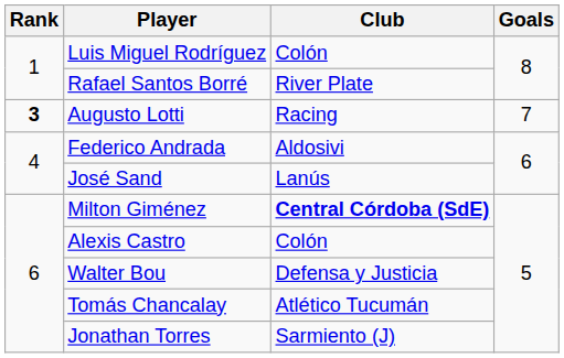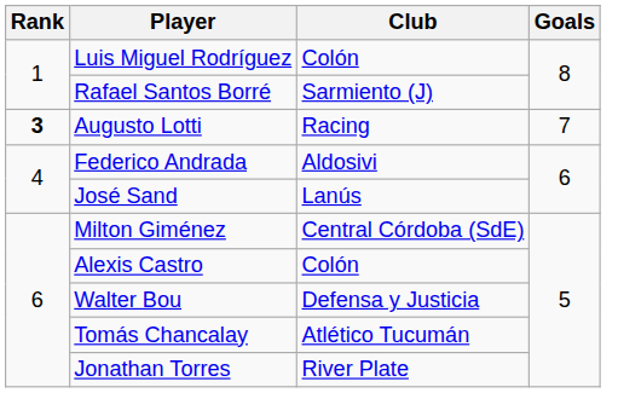 <table class="wikitable" border="1">
 <tr>
 <th>Rank</th>
 <th>Player</th>
 <th>Club</th>
 <th>Goals</th>
 </tr>
 <tr>
 <td align=center rowspan=2>1</td>
 <td> <a href='#'>Luis Miguel Rodríguez</a></td>
 <td><a href='#'>Colón</a></td>
 <td align=center rowspan=2>8</td>
 </tr>
 <tr>
 <td> <a href='#'>Rafael Santos Borré</a></td>
-<td><a href='#'>River Plate</a></td>
+<td><a href='#'>Sarmiento (J)</a></td>
 </tr>
 <tr>
 <td align=center><strong>3</strong></td>
 <td> <a href='#'>Augusto Lotti</a></td>
 <td><a href='#'>Racing</a></td>
 <td align=center>7</td>
 </tr>
 <tr>
 <td align=center  rowspan=2>4</td>
 <td> <a href='#'>Federico Andrada</a></td>
 <td><a href='#'>Aldosivi</a></td>
 <td align=center  rowspan=2>6</td>
 </tr>
 <tr>
 <td> <a href='#'>José Sand</a></td>
 <td><a href='#'>Lanús</a></td>
 </tr>
 <tr>
 <td align=center rowspan=5>6</td>
 <td> <a href='#'>Milton Giménez</a></td>
-<td><strong><a href='#'>Central Córdoba (SdE)</a></strong></td>
+<td><a href='#'>Central Córdoba (SdE)</a></td>
 <td align=center rowspan=5>5</td>
 </tr>
 <tr>
 <td> <a href='#'>Alexis Castro</a></td>
 <td><a href='#'>Colón</a></td>
 </tr>
 <tr>
 <td> <a href='#'>Walter Bou</a></td>
 <td><a href='#'>Defensa y Justicia</a></td>
 </tr>
 <tr>
 <td> <a href='#'>Tomás Chancalay</a></td>
 <td><a href='#'>Atlético Tucumán</a></td>
 </tr>
 <tr>
 <td> <a href='#'>Jonathan Torres</a></td>
-<td><a href='#'>Sarmiento (J)</a></td>
+<td><a href='#'>River Plate</a></td>
 </tr>
 </table>
